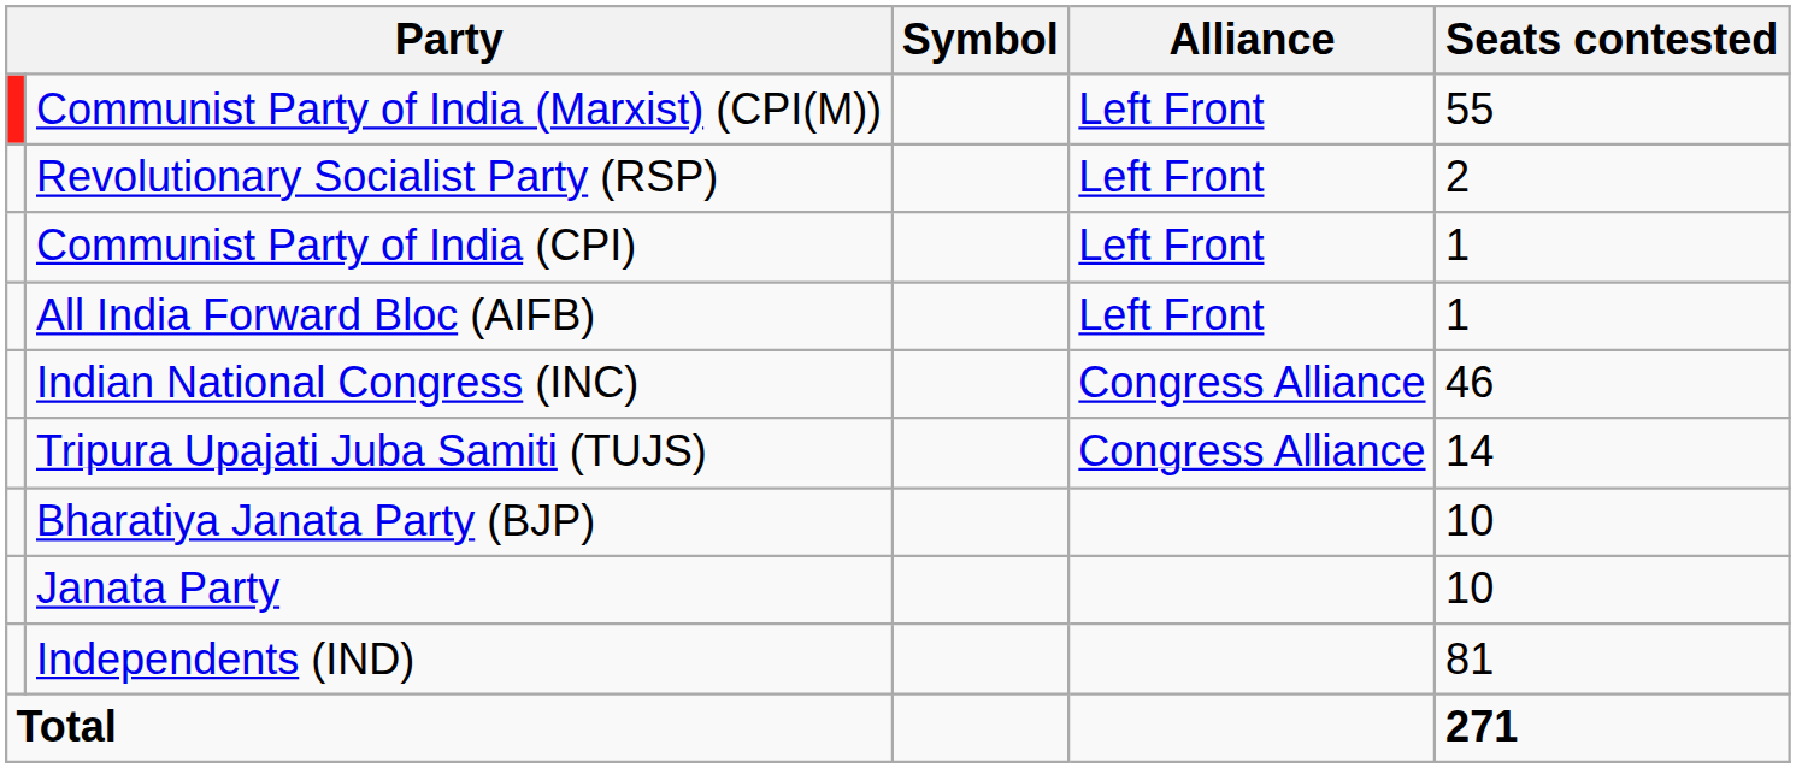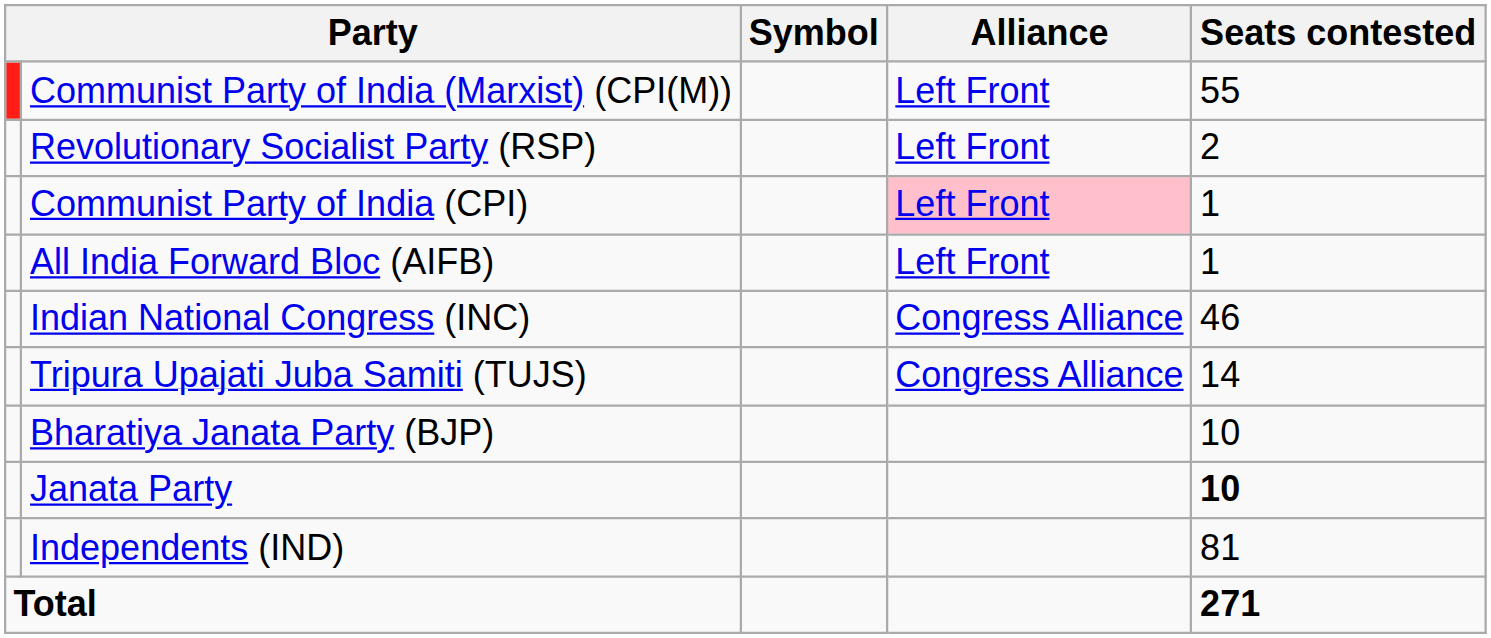 <table class="wikitable">
 <tr>
 <th colspan="2">Party</th>
 <th>Symbol</th>
 <th>Alliance</th>
 <th>Seats contested</th>
 </tr>
 <tr>
 <td bgcolor=#FF1D15></td>
 <td><a href='#'>Communist Party of India (Marxist)</a> (CPI(M))</td>
 <td></td>
 <td><a href='#'>Left Front</a></td>
 <td>55</td>
 </tr>
 <tr>
 <td></td>
 <td><a href='#'>Revolutionary Socialist Party</a> (RSP)</td>
 <td></td>
 <td><a href='#'>Left Front</a></td>
 <td>2</td>
 </tr>
 <tr>
 <td></td>
 <td><a href='#'>Communist Party of India</a> (CPI)</td>
 <td></td>
-<td><a href='#'>Left Front</a></td>
+<td style="background: pink;"><a href='#'>Left Front</a></td>
 <td>1</td>
 </tr>
 <tr>
 <td></td>
 <td><a href='#'>All India Forward Bloc</a> (AIFB)</td>
 <td></td>
 <td><a href='#'>Left Front</a></td>
 <td>1</td>
 </tr>
 <tr>
 <td></td>
 <td><a href='#'>Indian National Congress</a> (INC)</td>
 <td></td>
 <td><a href='#'>Congress Alliance</a></td>
 <td>46</td>
 </tr>
 <tr>
 <td></td>
 <td><a href='#'>Tripura Upajati Juba Samiti</a> (TUJS)</td>
 <td></td>
 <td><a href='#'>Congress Alliance</a></td>
 <td>14</td>
 </tr>
 <tr>
 <td></td>
 <td><a href='#'>Bharatiya Janata Party</a> (BJP)</td>
 <td></td>
 <td></td>
 <td>10</td>
 </tr>
 <tr>
 <td></td>
 <td><a href='#'>Janata Party</a></td>
 <td></td>
 <td></td>
-<td>10</td>
+<td><strong>10</strong></td>
 </tr>
 <tr>
 <td></td>
 <td><a href='#'>Independents</a> (IND)</td>
 <td></td>
 <td></td>
 <td>81</td>
 </tr>
 <tr>
 <td colspan="2"><strong>Total</strong></td>
 <td></td>
 <td></td>
 <td><strong>271</strong></td>
 </tr>
 </table>
